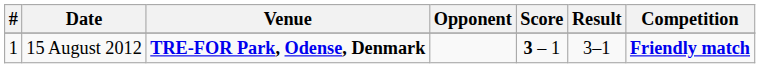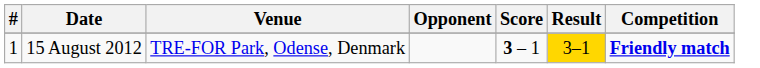 <table class="wikitable" border="1">
 <tr>
 <th>#</th>
 <th>Date</th>
 <th>Venue</th>
 <th>Opponent</th>
 <th>Score</th>
 <th>Result</th>
 <th>Competition</th>
 </tr>
 <tr>
 </tr>
 <tr>
 <td>1</td>
 <td>15 August 2012</td>
-<td><strong><a href='#'>TRE-FOR Park</a>, <a href='#'>Odense</a>, Denmark</strong></td>
+<td><a href='#'>TRE-FOR Park</a>, <a href='#'>Odense</a>, Denmark</td>
 <td></td>
 <td align=center><strong>3</strong> – 1</td>
-<td align=center>3–1</td>
+<td align=center style="background: gold;">3–1</td>
 <td><strong><a href='#'>Friendly match</a></strong></td>
 </tr>
 </table>
